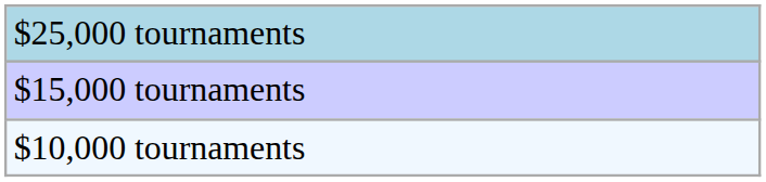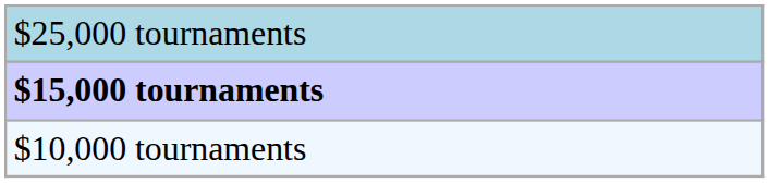 <table class="wikitable" style="font-size:85%;" width=15%>
 <tr style="background:lightblue;">
 <td>$25,000 tournaments</td>
 </tr>
 <tr style="background:#ccccff;">
-<td>$15,000 tournaments</td>
+<td><strong>$15,000 tournaments</strong></td>
 </tr>
 <tr style="background:#f0f8ff;">
 <td>$10,000 tournaments</td>
 </tr>
 </table>
